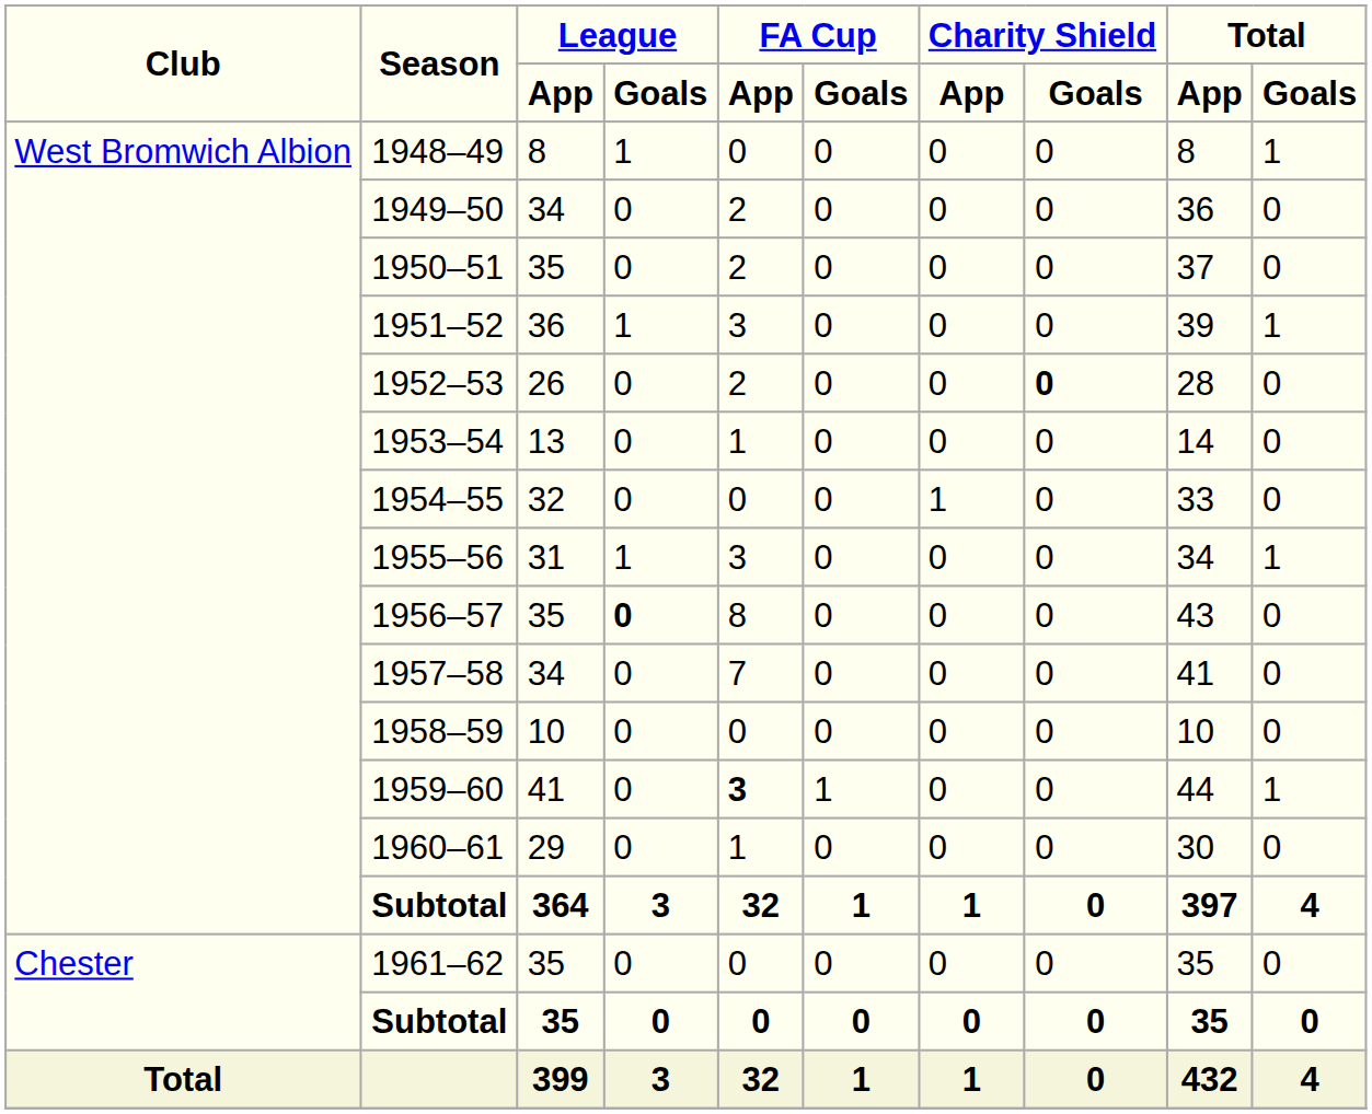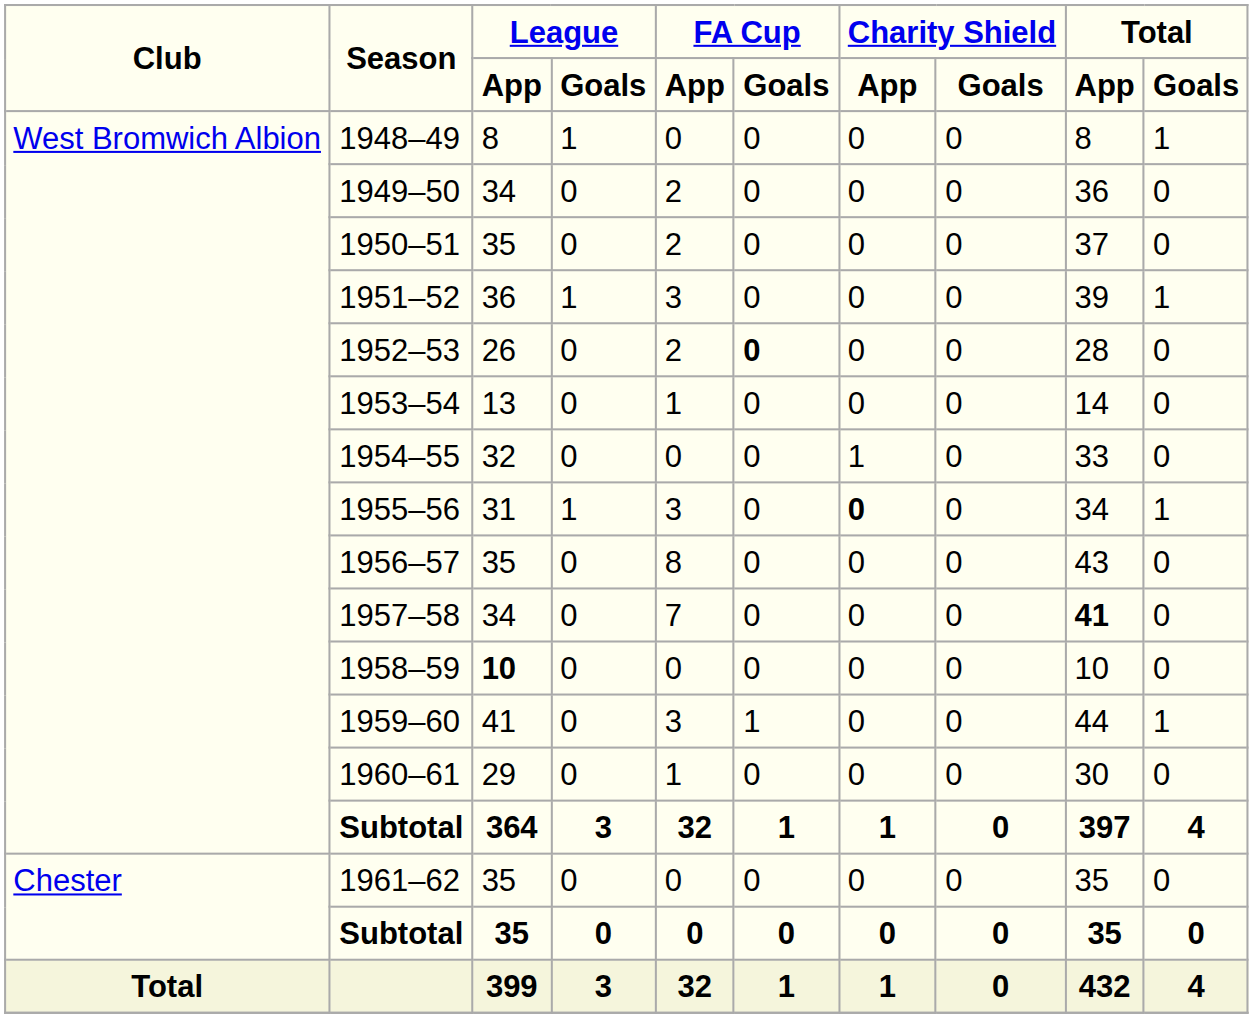 <table border=1 align=center cellpadding=4 cellspacing=2 style="background: ivory; font-size: 95%; border: 1px #aaaaaa solid; border-collapse: collapse; clear:center">
 <tr>
 <th rowspan="2">Club</th>
 <th rowspan="2">Season</th>
 <th colspan="2"><a href='#'>League</a></th>
 <th colspan="2"><a href='#'>FA Cup</a></th>
 <th colspan="2"><a href='#'>Charity Shield</a></th>
 <th colspan="2">Total</th>
 </tr>
 <tr>
 <th>App</th>
 <th>Goals</th>
 <th>App</th>
 <th>Goals</th>
 <th>App</th>
 <th>Goals</th>
 <th>App</th>
 <th>Goals</th>
 </tr>
 <tr>
 <td rowspan="14" valign=top><a href='#'>West Bromwich Albion</a></td>
 <td>1948–49</td>
 <td>8</td>
 <td>1</td>
 <td>0</td>
 <td>0</td>
 <td>0</td>
 <td>0</td>
 <td>8</td>
 <td>1</td>
 </tr>
 <tr>
 <td>1949–50</td>
 <td>34</td>
 <td>0</td>
 <td>2</td>
 <td>0</td>
 <td>0</td>
 <td>0</td>
 <td>36</td>
 <td>0</td>
 </tr>
 <tr>
 <td>1950–51</td>
 <td>35</td>
 <td>0</td>
 <td>2</td>
 <td>0</td>
 <td>0</td>
 <td>0</td>
 <td>37</td>
 <td>0</td>
 </tr>
 <tr>
 <td>1951–52</td>
 <td>36</td>
 <td>1</td>
 <td>3</td>
 <td>0</td>
 <td>0</td>
 <td>0</td>
 <td>39</td>
 <td>1</td>
 </tr>
 <tr>
 <td>1952–53</td>
 <td>26</td>
 <td>0</td>
 <td>2</td>
+<td><strong>0</strong></td>
 <td>0</td>
 <td>0</td>
-<td><strong>0</strong></td>
 <td>28</td>
 <td>0</td>
 </tr>
 <tr>
 <td>1953–54</td>
 <td>13</td>
 <td>0</td>
 <td>1</td>
 <td>0</td>
 <td>0</td>
 <td>0</td>
 <td>14</td>
 <td>0</td>
 </tr>
 <tr>
 <td>1954–55</td>
 <td>32</td>
 <td>0</td>
 <td>0</td>
 <td>0</td>
 <td>1</td>
 <td>0</td>
 <td>33</td>
 <td>0</td>
 </tr>
 <tr>
 <td>1955–56</td>
 <td>31</td>
 <td>1</td>
 <td>3</td>
 <td>0</td>
-<td>0</td>
+<td><strong>0</strong></td>
 <td>0</td>
 <td>34</td>
 <td>1</td>
 </tr>
 <tr>
 <td>1956–57</td>
 <td>35</td>
-<td><strong>0</strong></td>
+<td>0</td>
 <td>8</td>
 <td>0</td>
 <td>0</td>
 <td>0</td>
 <td>43</td>
 <td>0</td>
 </tr>
 <tr>
 <td>1957–58</td>
 <td>34</td>
 <td>0</td>
 <td>7</td>
 <td>0</td>
 <td>0</td>
 <td>0</td>
-<td>41</td>
+<td><strong>41</strong></td>
 <td>0</td>
 </tr>
 <tr>
 <td>1958–59</td>
-<td>10</td>
+<td><strong>10</strong></td>
 <td>0</td>
 <td>0</td>
 <td>0</td>
 <td>0</td>
 <td>0</td>
 <td>10</td>
 <td>0</td>
 </tr>
 <tr>
 <td>1959–60</td>
 <td>41</td>
 <td>0</td>
-<td><strong>3</strong></td>
+<td>3</td>
 <td>1</td>
 <td>0</td>
 <td>0</td>
 <td>44</td>
 <td>1</td>
 </tr>
 <tr>
 <td>1960–61</td>
 <td>29</td>
 <td>0</td>
 <td>1</td>
 <td>0</td>
 <td>0</td>
 <td>0</td>
 <td>30</td>
 <td>0</td>
 </tr>
 <tr>
 <th>Subtotal</th>
 <th>364</th>
 <th>3</th>
 <th>32</th>
 <th>1</th>
 <th>1</th>
 <th>0</th>
 <th>397</th>
 <th>4</th>
 </tr>
 <tr>
 <td rowspan="2" valign=top><a href='#'>Chester</a></td>
 <td>1961–62</td>
 <td>35</td>
 <td>0</td>
 <td>0</td>
 <td>0</td>
 <td>0</td>
 <td>0</td>
 <td>35</td>
 <td>0</td>
 </tr>
 <tr>
 <th>Subtotal</th>
 <th>35</th>
 <th>0</th>
 <th>0</th>
 <th>0</th>
 <th>0</th>
 <th>0</th>
 <th>35</th>
 <th>0</th>
 </tr>
 <tr>
 <th style="background:beige">Total</th>
 <th style="background:beige" colspan="1"></th>
 <th style="background:beige">399</th>
 <th style="background:beige">3</th>
 <th style="background:beige">32</th>
 <th style="background:beige">1</th>
 <th style="background:beige">1</th>
 <th style="background:beige">0</th>
 <th style="background:beige">432</th>
 <th style="background:beige">4</th>
 </tr>
 <tr>
 </tr>
 </table>
